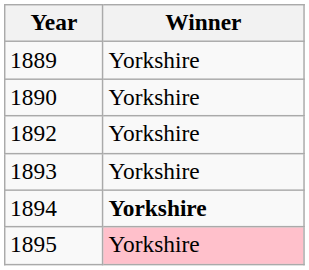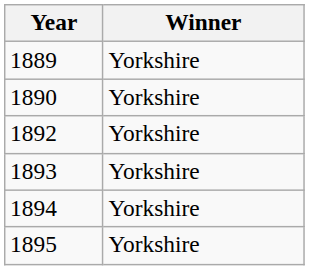 <table class="sortable wikitable plainrowheaders">
 <tr>
 <th width="60pt">Year</th>
 <th width="130pt">Winner</th>
 </tr>
 <tr>
 <td>1889</td>
 <td>Yorkshire</td>
 </tr>
 <tr>
 <td>1890</td>
 <td>Yorkshire</td>
 </tr>
 <tr>
 <td>1892</td>
 <td>Yorkshire</td>
 </tr>
 <tr>
 <td>1893</td>
 <td>Yorkshire</td>
 </tr>
 <tr>
 <td>1894</td>
-<td><strong>Yorkshire</strong></td>
+<td>Yorkshire</td>
 </tr>
 <tr>
 <td>1895</td>
-<td style="background: pink;">Yorkshire</td>
+<td>Yorkshire</td>
 </tr>
 </table>
